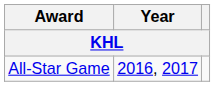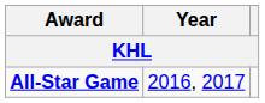 <table class="wikitable">
 <tr>
 <th>Award</th>
 <th>Year</th>
 <th></th>
 </tr>
 <tr>
 <th colspan="3"><a href='#'>KHL</a></th>
 </tr>
 <tr>
-<td><a href='#'>All-Star Game</a></td>
+<td><strong><a href='#'>All-Star Game</a></strong></td>
 <td><a href='#'>2016</a>, <a href='#'>2017</a></td>
 <td></td>
 </tr>
 </table>
